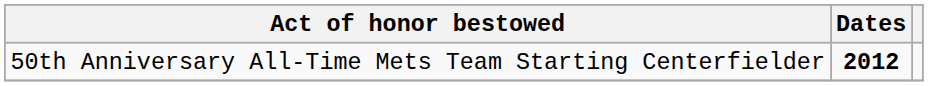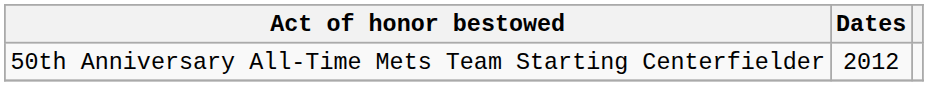 <table class="wikitable" margin: 5px; text-align: center;>
 <tr>
 <th>Act of honor bestowed</th>
 <th>Dates</th>
 <th></th>
 </tr>
 <tr>
 <td>50th Anniversary All-Time Mets Team Starting Centerfielder</td>
-<td align="center"><strong>2012</strong></td>
+<td align="center">2012</td>
 <td></td>
 </tr>
 <tr>
 </tr>
 </table>
